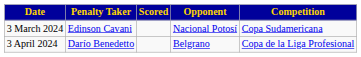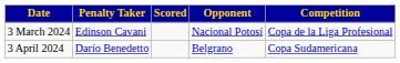 <table class="wikitable">
 <tr>
 <th style="background:#00009B; color:gold;">Date</th>
 <th style="background:#00009B; color:gold;">Penalty Taker</th>
 <th style="background:#00009B; color:gold;">Scored</th>
 <th style="background:#00009B; color:gold;">Opponent</th>
 <th style="background:#00009B; color:gold;">Competition</th>
 </tr>
 <tr>
 <td>3 March 2024</td>
 <td><a href='#'>Edinson Cavani</a></td>
 <td></td>
 <td><a href='#'>Nacional Potosí</a></td>
-<td><a href='#'>Copa Sudamericana</a></td>
+<td><a href='#'>Copa de la Liga Profesional</a></td>
 </tr>
 <tr>
 <td>3 April 2024</td>
 <td><a href='#'>Darío Benedetto</a></td>
 <td></td>
 <td><a href='#'>Belgrano</a></td>
-<td><a href='#'>Copa de la Liga Profesional</a></td>
+<td><a href='#'>Copa Sudamericana</a></td>
 </tr>
 </table>
